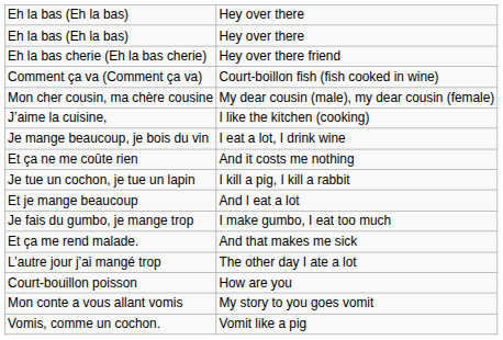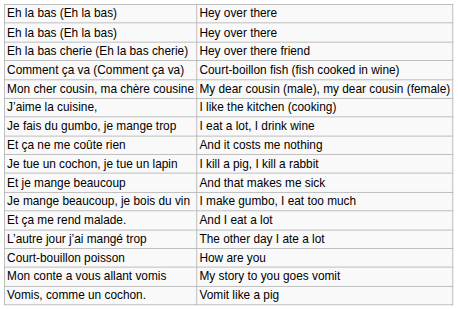 <table class="wikitable">
 <tr>
 <td>Eh la bas (Eh la bas)</td>
 <td>Hey over there</td>
 </tr>
 <tr>
 <td>Eh la bas (Eh la bas)</td>
 <td>Hey over there</td>
 </tr>
 <tr>
 <td>Eh la bas cherie (Eh la bas cherie)</td>
 <td>Hey over there friend</td>
 </tr>
 <tr>
 <td>Comment ça va (Comment ça va)</td>
 <td>Court-boillon fish (fish cooked in wine)</td>
 </tr>
 <tr>
 <td>Mon cher cousin, ma chère cousine</td>
 <td>My dear cousin (male), my dear cousin (female)</td>
 </tr>
 <tr>
 <td>J’aime la cuisine,</td>
 <td>I like the kitchen (cooking)</td>
 </tr>
 <tr>
-<td>Je mange beaucoup, je bois du vin</td>
+<td>Je fais du gumbo, je mange trop</td>
 <td>I eat a lot, I drink wine</td>
 </tr>
 <tr>
 <td>Et ça ne me coûte rien</td>
 <td>And it costs me nothing</td>
 </tr>
 <tr>
 <td>Je tue un cochon, je tue un lapin</td>
 <td>I kill a pig, I kill a rabbit</td>
 </tr>
 <tr>
 <td>Et je mange beaucoup</td>
-<td>And I eat a lot</td>
+<td>And that makes me sick</td>
 </tr>
 <tr>
-<td>Je fais du gumbo, je mange trop</td>
+<td>Je mange beaucoup, je bois du vin</td>
 <td>I make gumbo, I eat too much</td>
 </tr>
 <tr>
 <td>Et ça me rend malade.</td>
-<td>And that makes me sick</td>
+<td>And I eat a lot</td>
 </tr>
 <tr>
 <td>L’autre jour j’ai mangé trop</td>
 <td>The other day I ate a lot</td>
 </tr>
 <tr>
 <td>Court-bouillon poisson</td>
 <td>How are you</td>
 </tr>
 <tr>
 <td>Mon conte a vous allant vomis</td>
 <td>My story to you goes vomit</td>
 </tr>
 <tr>
 <td>Vomis, comme un cochon.</td>
 <td>Vomit like a pig</td>
 </tr>
 </table>
